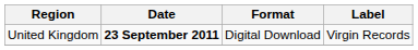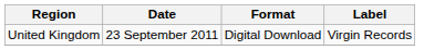 <table class=wikitable>
 <tr>
 <th>Region</th>
 <th>Date</th>
 <th>Format</th>
 <th>Label</th>
 </tr>
 <tr>
 <td>United Kingdom</td>
-<td><strong>23 September 2011</strong></td>
+<td>23 September 2011</td>
 <td>Digital Download</td>
 <td>Virgin Records</td>
 </tr>
 <tr>
 </tr>
 </table>
